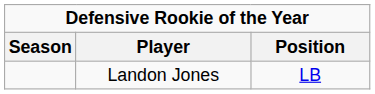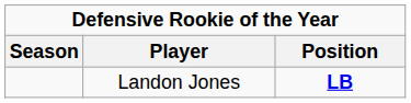 <table class="wikitable sortable" style="text-align:center">
 <tr>
 <td colspan="4"><strong>Defensive Rookie of the Year</strong></td>
 </tr>
 <tr>
 <th style="width:50px; ">Season</th>
 <th style="width:150px; ">Player</th>
 <th style="width:100px; ">Position</th>
 </tr>
 <tr>
 <td></td>
 <td>Landon Jones</td>
-<td><a href='#'>LB</a></td>
+<td><strong><a href='#'>LB</a></strong></td>
 </tr>
 </table>
